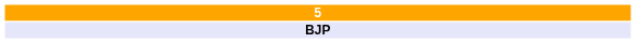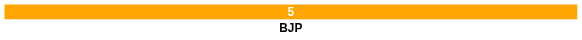 <table style="width:88%; text-align:center;">
 <tr style="color:white;">
 <td style="background:Orange; width:100%%;"><strong>5</strong></td>
 </tr>
 <tr>
-<td style="background: lavender;"><span><strong>BJP</strong></span></td>
+<td><span><strong>BJP</strong></span></td>
 </tr>
 </table>
